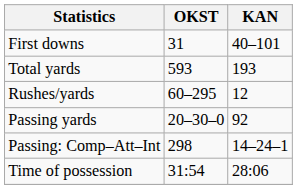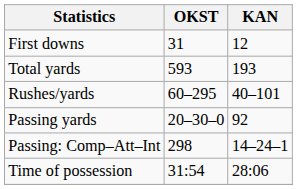 <table class="wikitable" style="float: left;">
 <tr>
 <th>Statistics</th>
 <th>OKST</th>
 <th>KAN</th>
 </tr>
 <tr>
 <td>First downs</td>
 <td>31</td>
-<td>40–101</td>
+<td>12</td>
 </tr>
 <tr>
 <td>Total yards</td>
 <td>593</td>
 <td>193</td>
 </tr>
 <tr>
 <td>Rushes/yards</td>
 <td>60–295</td>
-<td>12</td>
+<td>40–101</td>
 </tr>
 <tr>
 <td>Passing yards</td>
 <td>20–30–0</td>
 <td>92</td>
 </tr>
 <tr>
 <td>Passing: Comp–Att–Int</td>
 <td>298</td>
 <td>14–24–1</td>
 </tr>
 <tr>
 <td>Time of possession</td>
 <td>31:54</td>
 <td>28:06</td>
 </tr>
 <tr>
 </tr>
 </table>
